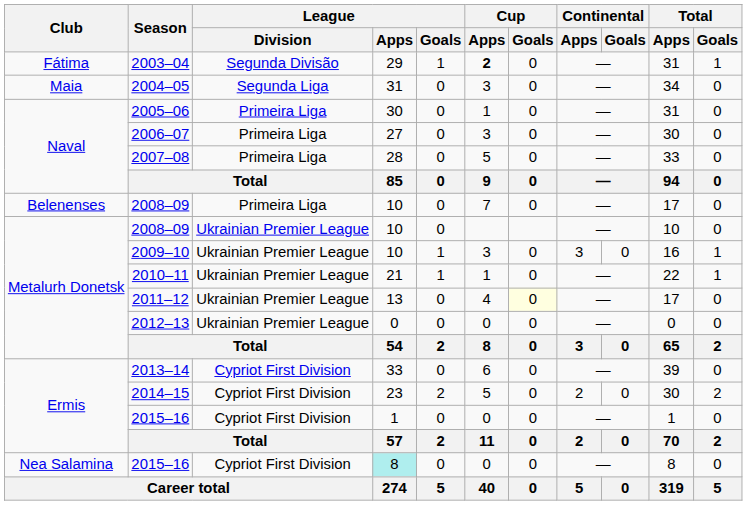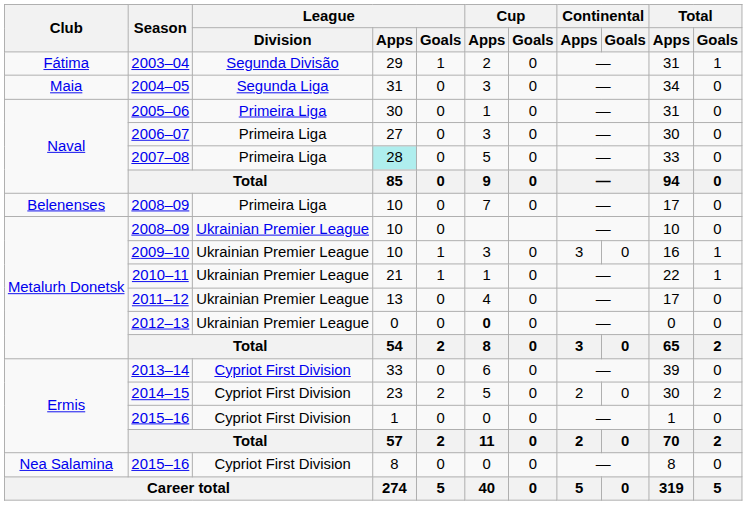 <table class="wikitable" style="text-align: center;">
 <tr>
 <th rowspan="2">Club</th>
 <th rowspan="2">Season</th>
 <th colspan="3">League</th>
 <th colspan="2">Cup</th>
 <th colspan="2">Continental</th>
 <th colspan="2">Total</th>
 </tr>
 <tr>
 <th>Division</th>
 <th>Apps</th>
 <th>Goals</th>
 <th>Apps</th>
 <th>Goals</th>
 <th>Apps</th>
 <th>Goals</th>
 <th>Apps</th>
 <th>Goals</th>
 </tr>
 <tr>
 <td rowspan="1"><a href='#'>Fátima</a></td>
 <td><a href='#'>2003–04</a></td>
 <td><a href='#'>Segunda Divisão</a></td>
 <td>29</td>
 <td>1</td>
-<td><strong>2</strong></td>
+<td>2</td>
 <td>0</td>
 <td colspan="2">—</td>
 <td>31</td>
 <td>1</td>
 </tr>
 <tr>
 <td rowspan="1"><a href='#'>Maia</a></td>
 <td><a href='#'>2004–05</a></td>
 <td><a href='#'>Segunda Liga</a></td>
 <td>31</td>
 <td>0</td>
 <td>3</td>
 <td>0</td>
 <td colspan="2">—</td>
 <td>34</td>
 <td>0</td>
 </tr>
 <tr>
 <td rowspan="4"><a href='#'>Naval</a></td>
 <td><a href='#'>2005–06</a></td>
 <td><a href='#'>Primeira Liga</a></td>
 <td>30</td>
 <td>0</td>
 <td>1</td>
 <td>0</td>
 <td colspan="2">—</td>
 <td>31</td>
 <td>0</td>
 </tr>
 <tr>
 <td><a href='#'>2006–07</a></td>
 <td>Primeira Liga</td>
 <td>27</td>
 <td>0</td>
 <td>3</td>
 <td>0</td>
 <td colspan="2">—</td>
 <td>30</td>
 <td>0</td>
 </tr>
 <tr>
 <td><a href='#'>2007–08</a></td>
 <td>Primeira Liga</td>
-<td>28</td>
+<td style="background: paleturquoise;">28</td>
 <td>0</td>
 <td>5</td>
 <td>0</td>
 <td colspan="2">—</td>
 <td>33</td>
 <td>0</td>
 </tr>
 <tr>
 <th colspan="2">Total</th>
 <th>85</th>
 <th>0</th>
 <th>9</th>
 <th>0</th>
 <th colspan="2">—</th>
 <th>94</th>
 <th>0</th>
 </tr>
 <tr>
 <td rowspan="1"><a href='#'>Belenenses</a></td>
 <td><a href='#'>2008–09</a></td>
 <td>Primeira Liga</td>
 <td>10</td>
 <td>0</td>
 <td>7</td>
 <td>0</td>
 <td colspan="2">—</td>
 <td>17</td>
 <td>0</td>
 </tr>
 <tr>
 <td rowspan="6"><a href='#'>Metalurh Donetsk</a></td>
 <td><a href='#'>2008–09</a></td>
 <td><a href='#'>Ukrainian Premier League</a></td>
 <td>10</td>
 <td>0</td>
 <td></td>
 <td></td>
 <td colspan="2">—</td>
 <td>10</td>
 <td>0</td>
 </tr>
 <tr>
 <td><a href='#'>2009–10</a></td>
 <td>Ukrainian Premier League</td>
 <td>10</td>
 <td>1</td>
 <td>3</td>
 <td>0</td>
 <td>3</td>
 <td>0</td>
 <td>16</td>
 <td>1</td>
 </tr>
 <tr>
 <td><a href='#'>2010–11</a></td>
 <td>Ukrainian Premier League</td>
 <td>21</td>
 <td>1</td>
 <td>1</td>
 <td>0</td>
 <td colspan="2">—</td>
 <td>22</td>
 <td>1</td>
 </tr>
 <tr>
 <td><a href='#'>2011–12</a></td>
 <td>Ukrainian Premier League</td>
 <td>13</td>
 <td>0</td>
 <td>4</td>
-<td style="background: lightyellow;">0</td>
+<td>0</td>
 <td colspan="2">—</td>
 <td>17</td>
 <td>0</td>
 </tr>
 <tr>
 <td><a href='#'>2012–13</a></td>
 <td>Ukrainian Premier League</td>
 <td>0</td>
 <td>0</td>
-<td>0</td>
+<td><strong>0</strong></td>
 <td>0</td>
 <td colspan="2">—</td>
 <td>0</td>
 <td>0</td>
 </tr>
 <tr>
 <th colspan="2">Total</th>
 <th>54</th>
 <th>2</th>
 <th>8</th>
 <th>0</th>
 <th>3</th>
 <th>0</th>
 <th>65</th>
 <th>2</th>
 </tr>
 <tr>
 <td rowspan="4"><a href='#'>Ermis</a></td>
 <td><a href='#'>2013–14</a></td>
 <td><a href='#'>Cypriot First Division</a></td>
 <td>33</td>
 <td>0</td>
 <td>6</td>
 <td>0</td>
 <td colspan="2">—</td>
 <td>39</td>
 <td>0</td>
 </tr>
 <tr>
 <td><a href='#'>2014–15</a></td>
 <td>Cypriot First Division</td>
 <td>23</td>
 <td>2</td>
 <td>5</td>
 <td>0</td>
 <td>2</td>
 <td>0</td>
 <td>30</td>
 <td>2</td>
 </tr>
 <tr>
 <td><a href='#'>2015–16</a></td>
 <td>Cypriot First Division</td>
 <td>1</td>
 <td>0</td>
 <td>0</td>
 <td>0</td>
 <td colspan="2">—</td>
 <td>1</td>
 <td>0</td>
 </tr>
 <tr>
 <th colspan="2">Total</th>
 <th>57</th>
 <th>2</th>
 <th>11</th>
 <th>0</th>
 <th>2</th>
 <th>0</th>
 <th>70</th>
 <th>2</th>
 </tr>
 <tr>
 <td><a href='#'>Nea Salamina</a></td>
 <td><a href='#'>2015–16</a></td>
 <td>Cypriot First Division</td>
-<td style="background: paleturquoise;">8</td>
+<td>8</td>
 <td>0</td>
 <td>0</td>
 <td>0</td>
 <td colspan="2">—</td>
 <td>8</td>
 <td>0</td>
 </tr>
 <tr>
 <th colspan="3">Career total</th>
 <th>274</th>
 <th>5</th>
 <th>40</th>
 <th>0</th>
 <th>5</th>
 <th>0</th>
 <th>319</th>
 <th>5</th>
 </tr>
 </table>
